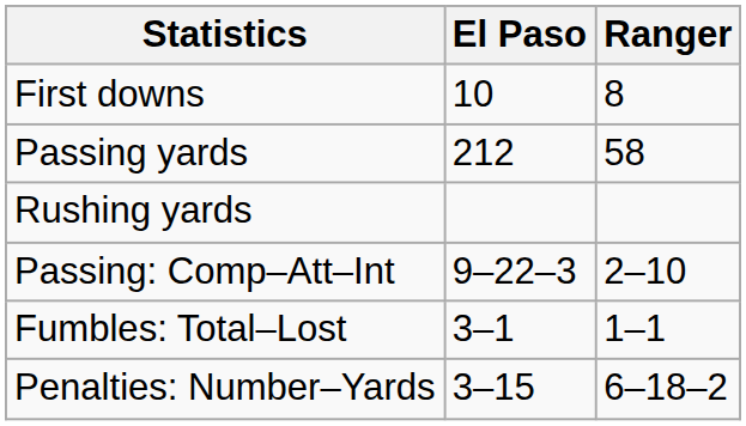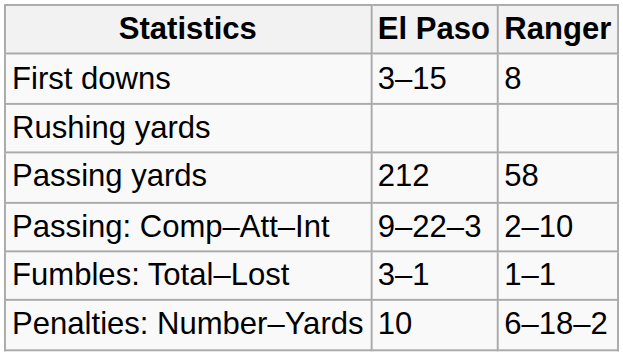 <table class="wikitable">
 <tr>
 <th>Statistics</th>
 <th>El Paso</th>
 <th>Ranger</th>
 </tr>
 <tr>
 <td>First downs</td>
-<td>10</td>
+<td>3–15</td>
 <td>8</td>
+</tr>
+<tr>
+<td>Rushing yards</td>
+<td></td>
+<td></td>
 </tr>
 <tr>
 <td>Passing yards</td>
 <td>212</td>
 <td>58</td>
-</tr>
-<tr>
-<td>Rushing yards</td>
-<td></td>
-<td></td>
 </tr>
 <tr>
 <td>Passing: Comp–Att–Int</td>
 <td>9–22–3</td>
 <td>2–10</td>
 </tr>
 <tr>
 <td>Fumbles: Total–Lost</td>
 <td>3–1</td>
 <td>1–1</td>
 </tr>
 <tr>
 <td>Penalties: Number–Yards</td>
-<td>3–15</td>
+<td>10</td>
 <td>6–18–2</td>
 </tr>
 </table>
